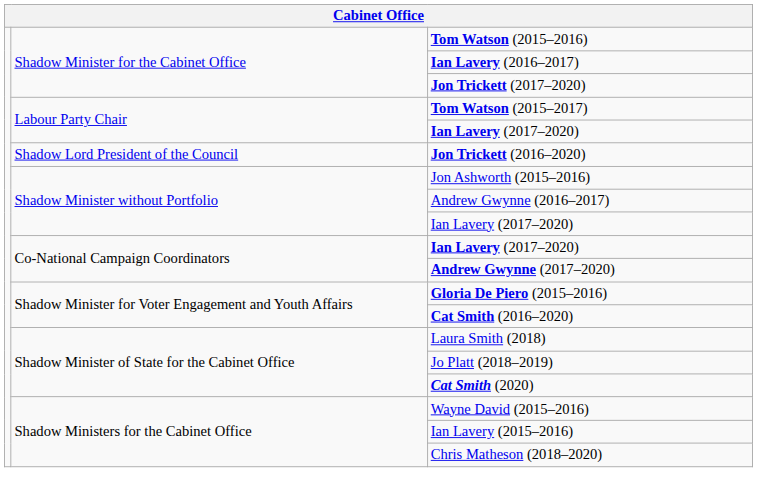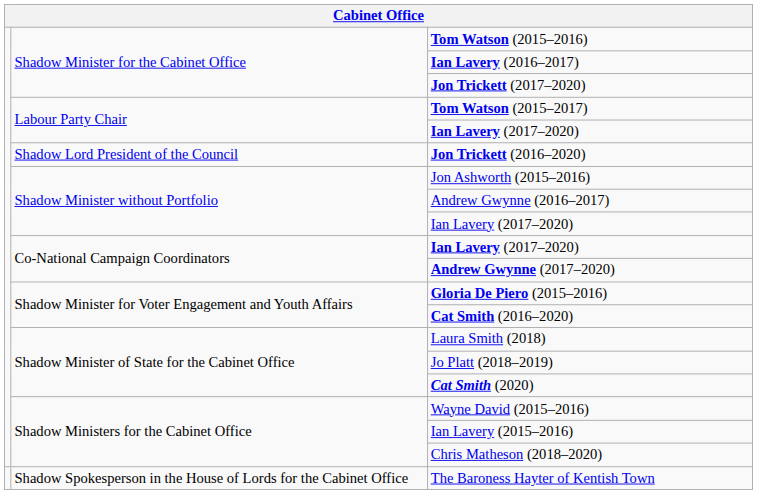 <table class="wikitable">
 <tr>
 <th colspan="3"><strong><a href='#'>Cabinet Office</a></strong></th>
 </tr>
 <tr>
 <td rowspan="19" style="background: "></td>
 <td rowspan="3" style="width: 450px;"><a href='#'>Shadow Minister for the Cabinet Office</a></td>
 <td style="width: 337px;"><strong><a href='#'>Tom Watson</a></strong> (2015–2016)</td>
 </tr>
 <tr>
 <td style="width: 337px;"><strong><a href='#'>Ian Lavery</a></strong> (2016–2017)</td>
 </tr>
 <tr>
 <td style="width: 337px;"><strong><a href='#'>Jon Trickett</a></strong> (2017–2020)</td>
 </tr>
 <tr>
 <td rowspan="2"><a href='#'>Labour Party Chair</a></td>
 <td><strong><a href='#'>Tom Watson</a></strong> (2015–2017)</td>
 </tr>
 <tr>
 <td><strong><a href='#'>Ian Lavery</a></strong> (2017–2020)</td>
 </tr>
 <tr>
 <td><a href='#'>Shadow Lord President of the Council</a></td>
 <td><strong><a href='#'>Jon Trickett</a></strong> (2016–2020)</td>
 </tr>
 <tr>
 <td rowspan="3"><a href='#'>Shadow Minister without Portfolio</a></td>
 <td><a href='#'>Jon Ashworth</a> (2015–2016)</td>
 </tr>
 <tr>
 <td><a href='#'>Andrew Gwynne</a> (2016–2017)</td>
 </tr>
 <tr>
 <td><a href='#'>Ian Lavery</a> (2017–2020)</td>
 </tr>
 <tr>
 <td rowspan="2" style="width: 450px;">Co-National Campaign Coordinators</td>
 <td style="width: 350px;"><strong><a href='#'>Ian Lavery</a></strong> (2017–2020)</td>
 </tr>
 <tr>
 <td style="width: 350px;"><strong><a href='#'>Andrew Gwynne</a></strong> (2017–2020)</td>
 </tr>
 <tr>
 <td rowspan="2">Shadow Minister for Voter Engagement and Youth Affairs</td>
 <td><strong><a href='#'>Gloria De Piero</a></strong> (2015–2016)</td>
 </tr>
 <tr>
 <td><strong><a href='#'>Cat Smith</a></strong> (2016–2020)</td>
 </tr>
 <tr>
 <td rowspan="3">Shadow Minister of State for the Cabinet Office</td>
 <td><a href='#'>Laura Smith</a> (2018)</td>
 </tr>
 <tr>
 <td><a href='#'>Jo Platt</a> (2018–2019)</td>
 </tr>
 <tr>
 <td><strong><em><a href='#'>Cat Smith</a></em></strong> (2020)</td>
 </tr>
 <tr>
 <td rowspan="3">Shadow Ministers for the Cabinet Office</td>
 <td><a href='#'>Wayne David</a> (2015–2016)</td>
 </tr>
 <tr>
 <td><a href='#'>Ian Lavery</a> (2015–2016)</td>
 </tr>
 <tr>
 <td><a href='#'>Chris Matheson</a> (2018–2020)</td>
 </tr>
+<tr>
+<td style="background: "></td>
+<td>Shadow Spokesperson in the House of Lords for the Cabinet Office</td>
+<td><a href='#'>The Baroness Hayter of Kentish Town</a></td>
+</tr>
 </table>
